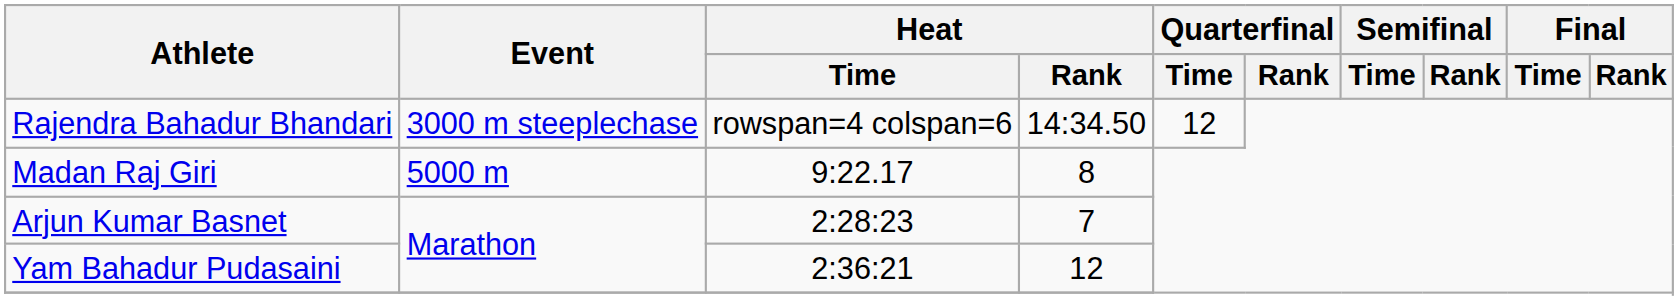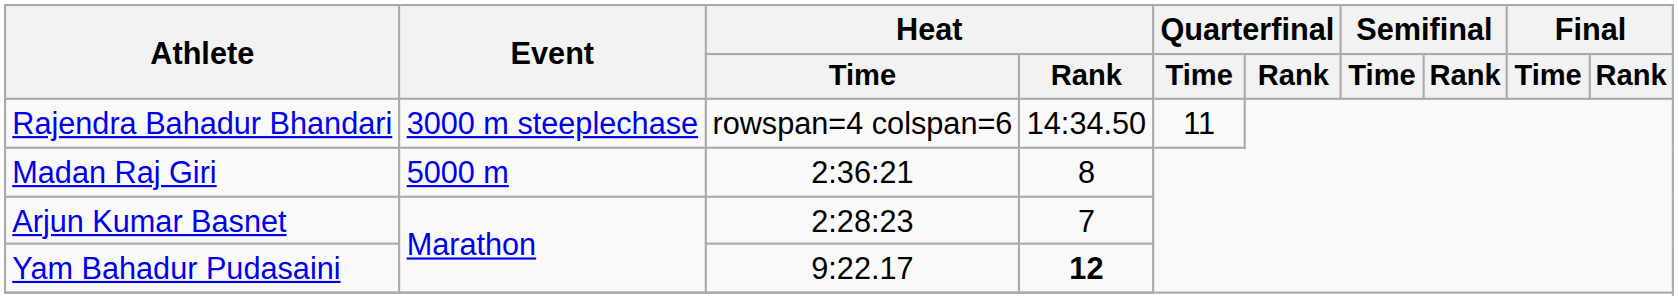 <table class=wikitable style=font-size:90%;text-align:center>
 <tr>
 <th rowspan=2>Athlete</th>
 <th rowspan=2>Event</th>
 <th colspan=2>Heat</th>
 <th colspan=2>Quarterfinal</th>
 <th colspan=2>Semifinal</th>
 <th colspan=2>Final</th>
 </tr>
 <tr style=font-size:95%>
 <th>Time</th>
 <th>Rank</th>
 <th>Time</th>
 <th>Rank</th>
 <th>Time</th>
 <th>Rank</th>
 <th>Time</th>
 <th>Rank</th>
 </tr>
 <tr>
 <td align=left><a href='#'>Rajendra Bahadur Bhandari</a></td>
 <td align=left><a href='#'>3000 m steeplechase</a></td>
 <td>rowspan=4 colspan=6 </td>
 <td>14:34.50</td>
-<td>12</td>
+<td>11</td>
 </tr>
 <tr>
 <td align=left><a href='#'>Madan Raj Giri</a></td>
 <td align=left><a href='#'>5000 m</a></td>
-<td>9:22.17</td>
+<td>2:36:21</td>
 <td>8</td>
 </tr>
 <tr>
 <td align=left><a href='#'>Arjun Kumar Basnet</a></td>
 <td align=left rowspan=2><a href='#'>Marathon</a></td>
 <td>2:28:23</td>
 <td>7</td>
 </tr>
 <tr>
 <td align=left><a href='#'>Yam Bahadur Pudasaini</a></td>
-<td>2:36:21</td>
-<td>12</td>
+<td>9:22.17</td>
+<td><strong>12</strong></td>
 </tr>
 <tr>
 </tr>
 </table>
